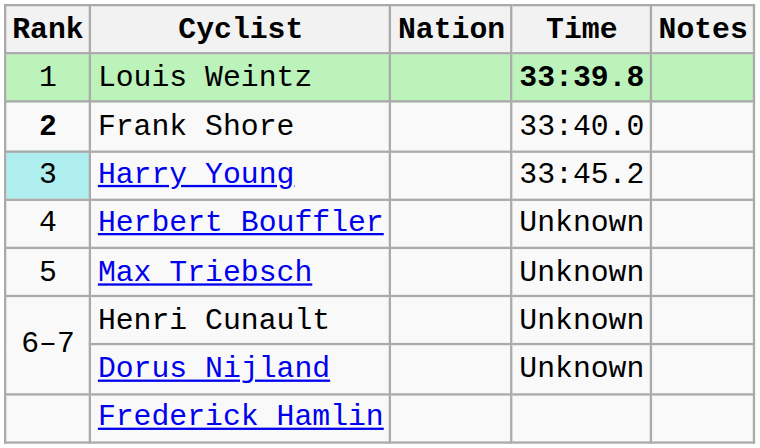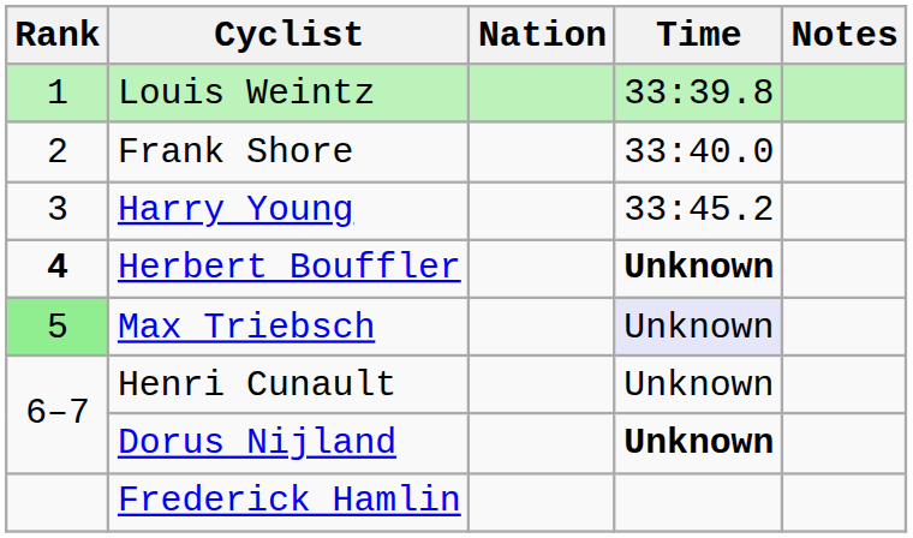 <table class="wikitable sortable">
 <tr>
 <th>Rank</th>
 <th>Cyclist</th>
 <th>Nation</th>
 <th>Time</th>
 <th>Notes</th>
 </tr>
 <tr bgcolor=bbf3bb>
 <td align=center>1</td>
 <td>Louis Weintz</td>
 <td></td>
-<td align=center><strong>33:39.8</strong></td>
+<td align=center>33:39.8</td>
 <td align=center></td>
 </tr>
 <tr>
-<td align=center><strong>2</strong></td>
+<td align=center>2</td>
 <td>Frank Shore</td>
 <td></td>
 <td align=center>33:40.0</td>
 <td></td>
 </tr>
 <tr>
-<td align=center style="background: paleturquoise;">3</td>
+<td align=center>3</td>
 <td><a href='#'>Harry Young</a></td>
 <td></td>
 <td align=center>33:45.2</td>
 <td></td>
 </tr>
 <tr>
-<td align=center>4</td>
+<td align=center><strong>4</strong></td>
 <td><a href='#'>Herbert Bouffler</a></td>
 <td></td>
-<td align=center>Unknown</td>
+<td align=center><strong>Unknown</strong></td>
 <td></td>
 </tr>
 <tr>
-<td align=center>5</td>
+<td align=center style="background: lightgreen;">5</td>
 <td><a href='#'>Max Triebsch</a></td>
 <td></td>
-<td align=center>Unknown</td>
+<td align=center style="background: lavender;">Unknown</td>
 <td></td>
 </tr>
 <tr>
 <td align=center rowspan=2>6–7</td>
 <td>Henri Cunault</td>
 <td></td>
 <td align=center>Unknown</td>
 <td></td>
 </tr>
 <tr>
 <td><a href='#'>Dorus Nijland</a></td>
 <td></td>
-<td align=center>Unknown</td>
+<td align=center><strong>Unknown</strong></td>
 <td></td>
 </tr>
 <tr>
 <td align=center></td>
 <td><a href='#'>Frederick Hamlin</a></td>
 <td></td>
 <td align=center></td>
 <td></td>
 </tr>
 </table>
